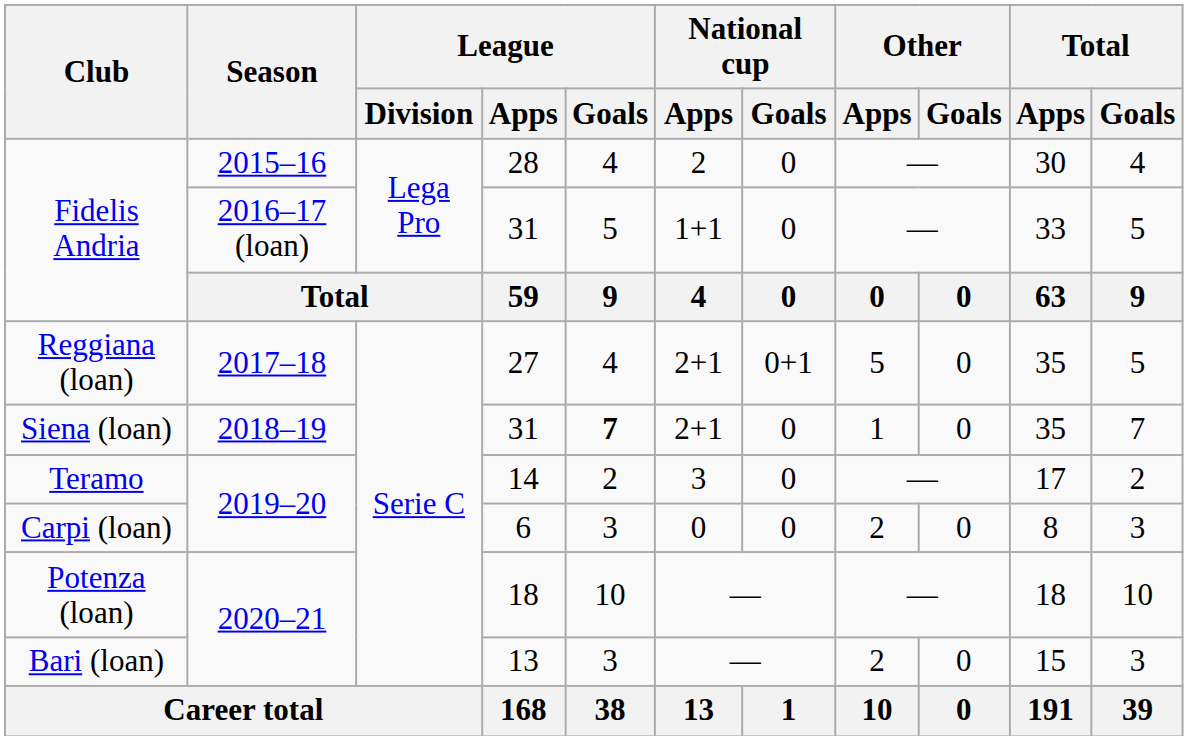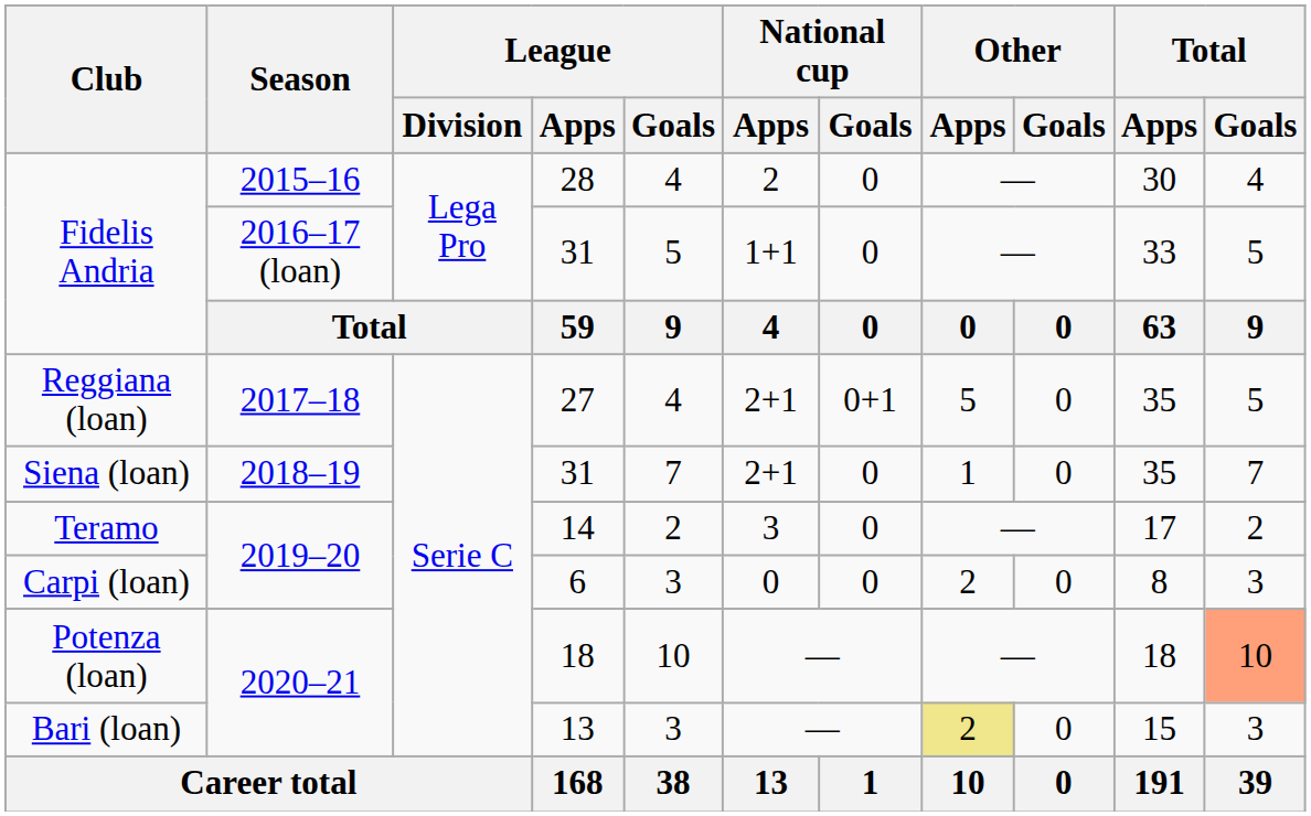 <table class="wikitable" style="text-align: center;">
 <tr>
 <th rowspan="2">Club</th>
 <th rowspan="2">Season</th>
 <th colspan="3">League</th>
 <th colspan="2">National cup</th>
 <th colspan="2">Other</th>
 <th colspan="2">Total</th>
 </tr>
 <tr>
 <th>Division</th>
 <th>Apps</th>
 <th>Goals</th>
 <th>Apps</th>
 <th>Goals</th>
 <th>Apps</th>
 <th>Goals</th>
 <th>Apps</th>
 <th>Goals</th>
 </tr>
 <tr>
 <td rowspan="3"><a href='#'>Fidelis Andria</a></td>
 <td><a href='#'>2015–16</a></td>
 <td rowspan="2"><a href='#'>Lega Pro</a></td>
 <td>28</td>
 <td>4</td>
 <td>2</td>
 <td>0</td>
 <td colspan="2">—</td>
 <td>30</td>
 <td>4</td>
 </tr>
 <tr>
 <td><a href='#'>2016–17</a> (loan)</td>
 <td>31</td>
 <td>5</td>
 <td>1+1</td>
 <td>0</td>
 <td colspan="2">—</td>
 <td>33</td>
 <td>5</td>
 </tr>
 <tr>
 <th colspan="2">Total</th>
 <th>59</th>
 <th>9</th>
 <th>4</th>
 <th>0</th>
 <th>0</th>
 <th>0</th>
 <th>63</th>
 <th>9</th>
 </tr>
 <tr>
 <td><a href='#'>Reggiana</a> (loan)</td>
 <td><a href='#'>2017–18</a></td>
 <td rowspan="6"><a href='#'>Serie C</a></td>
 <td>27</td>
 <td>4</td>
 <td>2+1</td>
 <td>0+1</td>
 <td>5</td>
 <td>0</td>
 <td>35</td>
 <td>5</td>
 </tr>
 <tr>
 <td><a href='#'>Siena</a> (loan)</td>
 <td><a href='#'>2018–19</a></td>
 <td>31</td>
-<td><strong>7</strong></td>
+<td>7</td>
 <td>2+1</td>
 <td>0</td>
 <td>1</td>
 <td>0</td>
 <td>35</td>
 <td>7</td>
 </tr>
 <tr>
 <td><a href='#'>Teramo</a></td>
 <td rowspan="2"><a href='#'>2019–20</a></td>
 <td>14</td>
 <td>2</td>
 <td>3</td>
 <td>0</td>
 <td colspan="2">—</td>
 <td>17</td>
 <td>2</td>
 </tr>
 <tr>
 <td><a href='#'>Carpi</a> (loan)</td>
 <td>6</td>
 <td>3</td>
 <td>0</td>
 <td>0</td>
 <td>2</td>
 <td>0</td>
 <td>8</td>
 <td>3</td>
 </tr>
 <tr>
 <td><a href='#'>Potenza</a> (loan)</td>
 <td rowspan="2"><a href='#'>2020–21</a></td>
 <td>18</td>
 <td>10</td>
 <td colspan="2">—</td>
 <td colspan="2">—</td>
 <td>18</td>
-<td>10</td>
+<td style="background: lightsalmon;">10</td>
 </tr>
 <tr>
 <td><a href='#'>Bari</a> (loan)</td>
 <td>13</td>
 <td>3</td>
 <td colspan="2">—</td>
-<td>2</td>
+<td style="background: khaki;">2</td>
 <td>0</td>
 <td>15</td>
 <td>3</td>
 </tr>
 <tr>
 <th colspan="3">Career total</th>
 <th>168</th>
 <th>38</th>
 <th>13</th>
 <th>1</th>
 <th>10</th>
 <th>0</th>
 <th>191</th>
 <th>39</th>
 </tr>
 </table>
